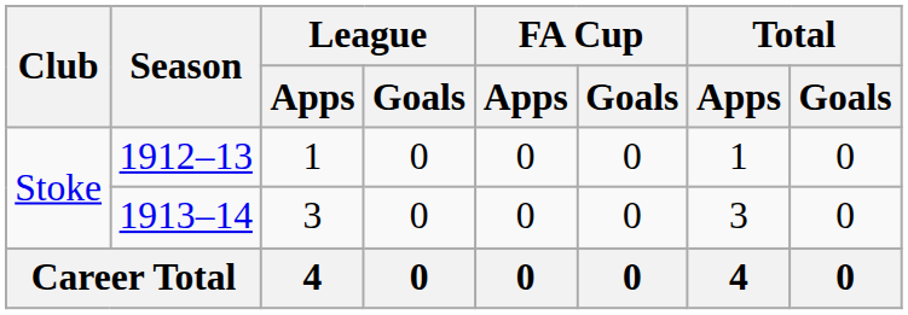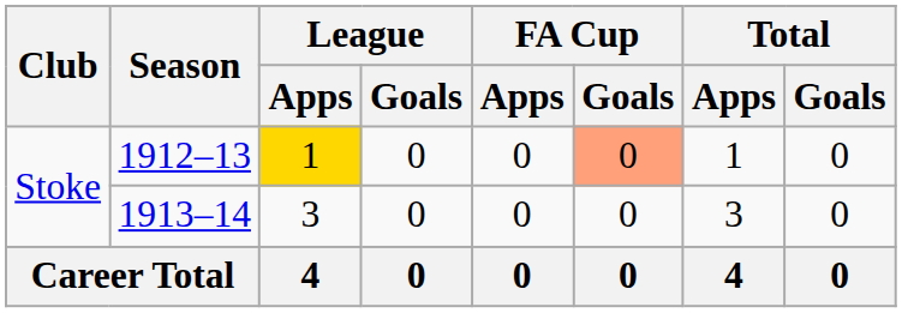 <table class="wikitable" style="text-align: center;">
 <tr>
 <th rowspan="2">Club</th>
 <th rowspan="2">Season</th>
 <th colspan="2">League</th>
 <th colspan="2">FA Cup</th>
 <th colspan="2">Total</th>
 </tr>
 <tr>
 <th>Apps</th>
 <th>Goals</th>
 <th>Apps</th>
 <th>Goals</th>
 <th>Apps</th>
 <th>Goals</th>
 </tr>
 <tr>
 <td rowspan="2"><a href='#'>Stoke</a></td>
 <td><a href='#'>1912–13</a></td>
-<td>1</td>
+<td style="background: gold;">1</td>
 <td>0</td>
 <td>0</td>
-<td>0</td>
+<td style="background: lightsalmon;">0</td>
 <td>1</td>
 <td>0</td>
 </tr>
 <tr>
 <td><a href='#'>1913–14</a></td>
 <td>3</td>
 <td>0</td>
 <td>0</td>
 <td>0</td>
 <td>3</td>
 <td>0</td>
 </tr>
 <tr>
 <th colspan="2">Career Total</th>
 <th>4</th>
 <th>0</th>
 <th>0</th>
 <th>0</th>
 <th>4</th>
 <th>0</th>
 </tr>
 </table>
